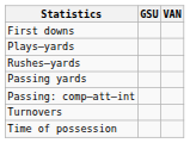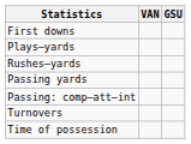 <table class="wikitable" style="float:left">
 <tr>
 <th>Statistics</th>
+<th>VAN</th>
 <th>GSU</th>
-<th>VAN</th>
 </tr>
 <tr>
 <td>First downs</td>
 <td></td>
 <td></td>
 </tr>
 <tr>
 <td>Plays–yards</td>
 <td></td>
 <td></td>
 </tr>
 <tr>
 <td>Rushes–yards</td>
 <td></td>
 <td></td>
 </tr>
 <tr>
 <td>Passing yards</td>
 <td></td>
 <td></td>
 </tr>
 <tr>
 <td>Passing: comp–att–int</td>
 <td></td>
 <td></td>
 </tr>
 <tr>
 <td>Turnovers</td>
 <td></td>
 <td></td>
 </tr>
 <tr>
 <td>Time of possession</td>
 <td></td>
 <td></td>
 </tr>
 </table>
